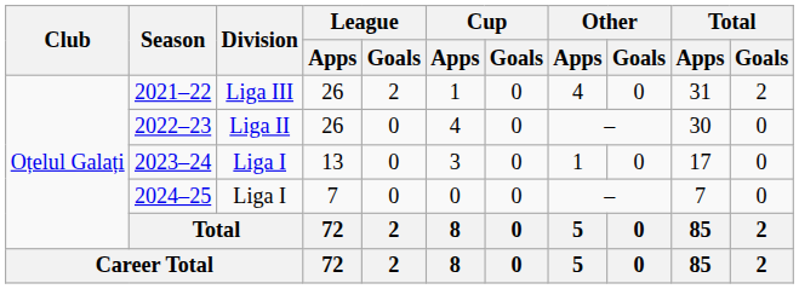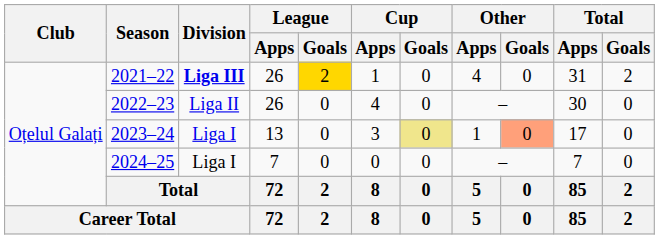 <table class="wikitable" style="text-align:center">
 <tr>
 <th rowspan="2">Club</th>
 <th rowspan="2">Season</th>
 <th rowspan="2">Division</th>
 <th colspan="2">League</th>
 <th colspan="2">Cup</th>
 <th colspan="2">Other</th>
 <th colspan="2">Total</th>
 </tr>
 <tr>
 <th>Apps</th>
 <th>Goals</th>
 <th>Apps</th>
 <th>Goals</th>
 <th>Apps</th>
 <th>Goals</th>
 <th>Apps</th>
 <th>Goals</th>
 </tr>
 <tr>
 <td rowspan="5"><a href='#'>Oțelul Galați</a></td>
 <td><a href='#'>2021–22</a></td>
-<td><a href='#'>Liga III</a></td>
+<td><strong><a href='#'>Liga III</a></strong></td>
 <td>26</td>
-<td>2</td>
+<td style="background: gold;">2</td>
 <td>1</td>
 <td>0</td>
 <td>4</td>
 <td>0</td>
 <td>31</td>
 <td>2</td>
 </tr>
 <tr>
 <td><a href='#'>2022–23</a></td>
 <td><a href='#'>Liga II</a></td>
 <td>26</td>
 <td>0</td>
 <td>4</td>
 <td>0</td>
 <td colspan="2">–</td>
 <td>30</td>
 <td>0</td>
 </tr>
 <tr>
 <td><a href='#'>2023–24</a></td>
 <td><a href='#'>Liga I</a></td>
 <td>13</td>
 <td>0</td>
 <td>3</td>
-<td>0</td>
+<td style="background: khaki;">0</td>
 <td>1</td>
-<td>0</td>
+<td style="background: lightsalmon;">0</td>
 <td>17</td>
 <td>0</td>
 </tr>
 <tr>
 <td><a href='#'>2024–25</a></td>
 <td>Liga I</td>
 <td>7</td>
 <td>0</td>
 <td>0</td>
 <td>0</td>
 <td colspan="2">–</td>
 <td>7</td>
 <td>0</td>
 </tr>
 <tr>
 <th colspan="2">Total</th>
 <th>72</th>
 <th>2</th>
 <th>8</th>
 <th>0</th>
 <th>5</th>
 <th>0</th>
 <th>85</th>
 <th>2</th>
 </tr>
 <tr>
 <th colspan="3">Career Total</th>
 <th>72</th>
 <th>2</th>
 <th>8</th>
 <th>0</th>
 <th>5</th>
 <th>0</th>
 <th>85</th>
 <th>2</th>
 </tr>
 </table>
